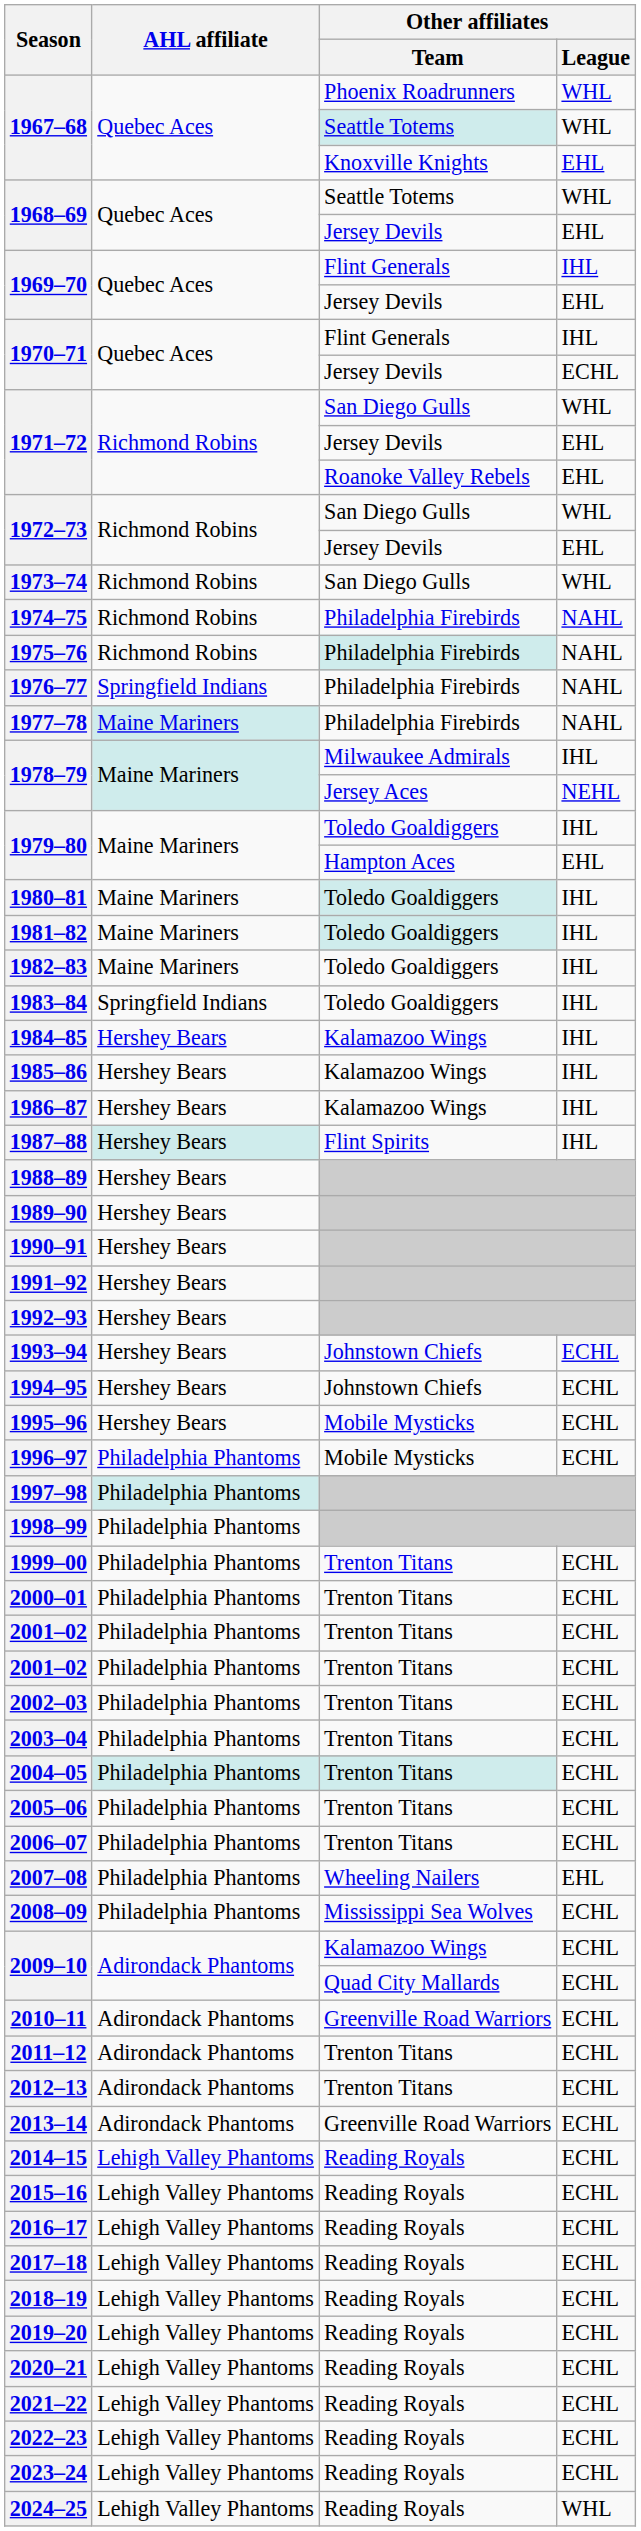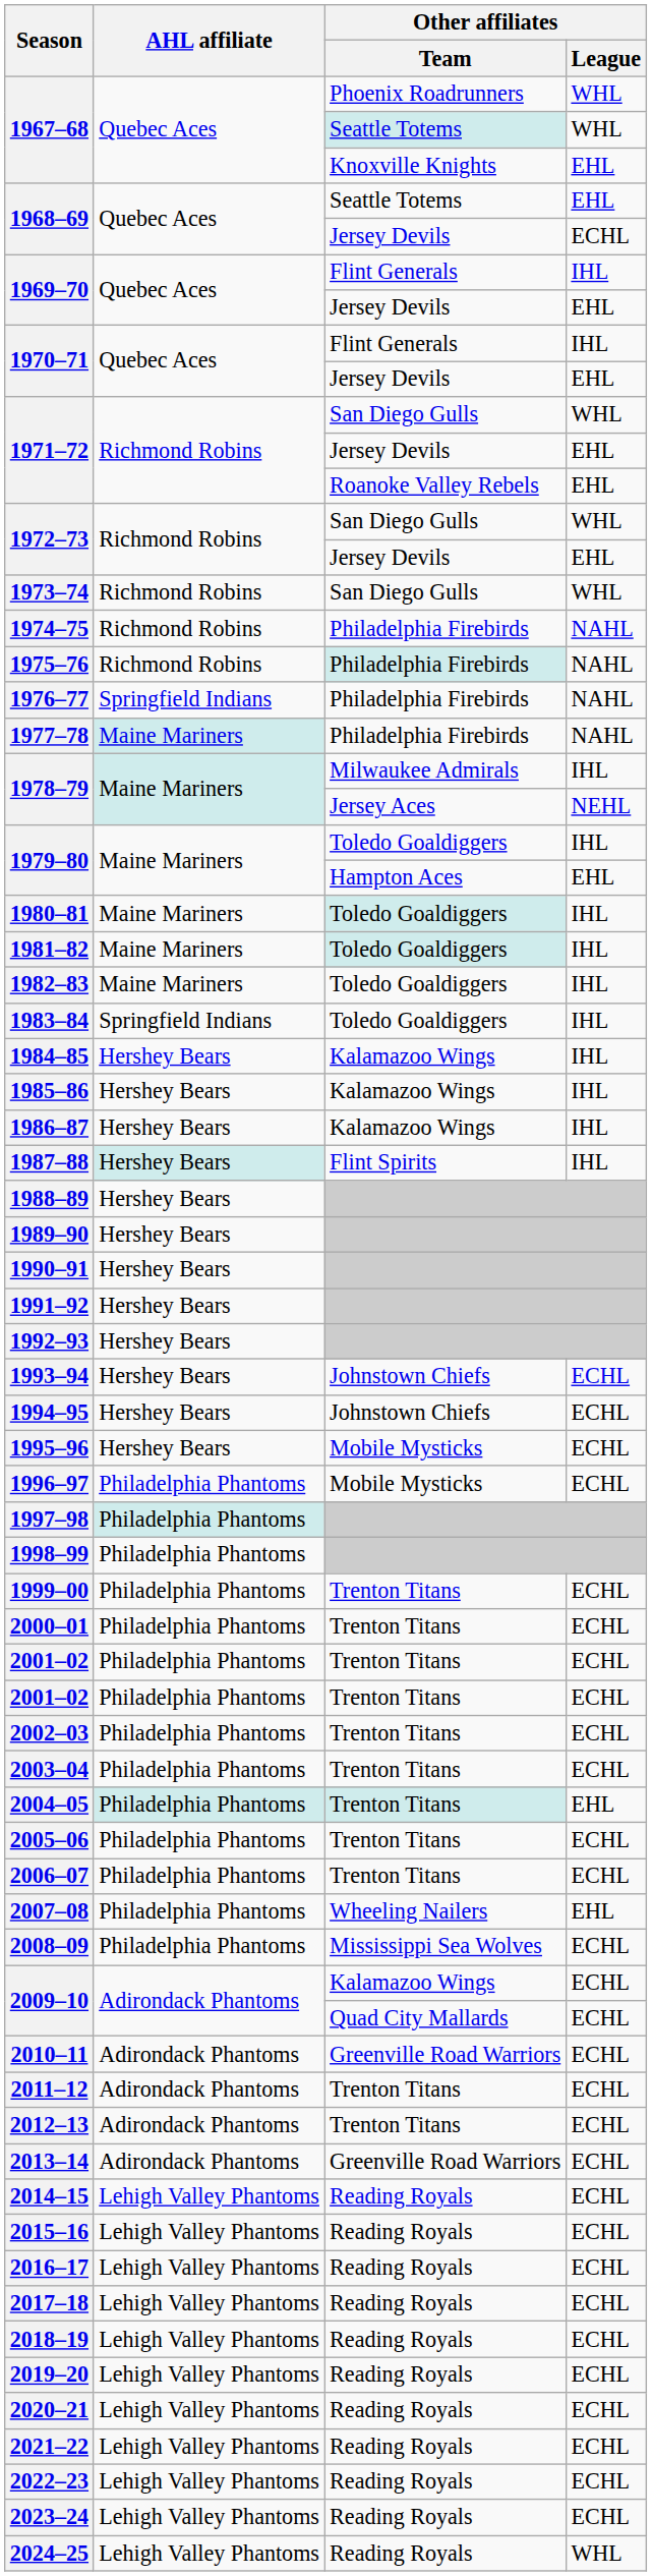 <table class="wikitable">
 <tr>
 <th rowspan="2">Season</th>
 <th rowspan="2"><a href='#'>AHL</a> affiliate</th>
 <th colspan="2">Other affiliates</th>
 </tr>
 <tr>
 <th>Team</th>
 <th>League</th>
 </tr>
 <tr>
 <th rowspan="3"><a href='#'>1967–68</a></th>
 <td rowspan="3"><a href='#'>Quebec Aces</a></td>
 <td><a href='#'>Phoenix Roadrunners</a></td>
 <td><a href='#'>WHL</a></td>
 </tr>
 <tr>
 <td bgcolor="#CFECEC"><a href='#'>Seattle Totems</a></td>
 <td>WHL</td>
 </tr>
 <tr>
 <td><a href='#'>Knoxville Knights</a></td>
 <td><a href='#'>EHL</a></td>
 </tr>
 <tr>
 <th rowspan="2"><a href='#'>1968–69</a></th>
 <td rowspan="2">Quebec Aces</td>
 <td>Seattle Totems</td>
-<td>WHL</td>
+<td><a href='#'>EHL</a></td>
 </tr>
 <tr>
 <td><a href='#'>Jersey Devils</a></td>
-<td>EHL</td>
+<td>ECHL</td>
 </tr>
 <tr>
 <th rowspan="2"><a href='#'>1969–70</a></th>
 <td rowspan="2">Quebec Aces</td>
 <td><a href='#'>Flint Generals</a></td>
 <td><a href='#'>IHL</a></td>
 </tr>
 <tr>
 <td>Jersey Devils</td>
 <td>EHL</td>
 </tr>
 <tr>
 <th rowspan="2"><a href='#'>1970–71</a></th>
 <td rowspan="2">Quebec Aces</td>
 <td>Flint Generals</td>
 <td>IHL</td>
 </tr>
 <tr>
 <td>Jersey Devils</td>
-<td>ECHL</td>
+<td>EHL</td>
 </tr>
 <tr>
 <th rowspan="3"><a href='#'>1971–72</a></th>
 <td rowspan="3"><a href='#'>Richmond Robins</a></td>
 <td><a href='#'>San Diego Gulls</a></td>
 <td>WHL</td>
 </tr>
 <tr>
 <td>Jersey Devils</td>
 <td>EHL</td>
 </tr>
 <tr>
 <td><a href='#'>Roanoke Valley Rebels</a></td>
 <td>EHL</td>
 </tr>
 <tr>
 <th rowspan="2"><a href='#'>1972–73</a></th>
 <td rowspan="2">Richmond Robins</td>
 <td>San Diego Gulls</td>
 <td>WHL</td>
 </tr>
 <tr>
 <td>Jersey Devils</td>
 <td>EHL</td>
 </tr>
 <tr>
 <th><a href='#'>1973–74</a></th>
 <td>Richmond Robins</td>
 <td>San Diego Gulls</td>
 <td>WHL</td>
 </tr>
 <tr>
 <th><a href='#'>1974–75</a></th>
 <td>Richmond Robins</td>
 <td><a href='#'>Philadelphia Firebirds</a></td>
 <td><a href='#'>NAHL</a></td>
 </tr>
 <tr>
 <th><a href='#'>1975–76</a></th>
 <td>Richmond Robins</td>
 <td bgcolor="#CFECEC">Philadelphia Firebirds</td>
 <td>NAHL</td>
 </tr>
 <tr>
 <th><a href='#'>1976–77</a></th>
 <td><a href='#'>Springfield Indians</a></td>
 <td>Philadelphia Firebirds</td>
 <td>NAHL</td>
 </tr>
 <tr>
 <th><a href='#'>1977–78</a></th>
 <td bgcolor="#CFECEC"><a href='#'>Maine Mariners</a></td>
 <td>Philadelphia Firebirds</td>
 <td>NAHL</td>
 </tr>
 <tr>
 <th rowspan="2"><a href='#'>1978–79</a></th>
 <td rowspan="2" bgcolor="#CFECEC">Maine Mariners</td>
 <td><a href='#'>Milwaukee Admirals</a></td>
 <td>IHL</td>
 </tr>
 <tr>
 <td><a href='#'>Jersey Aces</a></td>
 <td><a href='#'>NEHL</a></td>
 </tr>
 <tr>
 <th rowspan="2"><a href='#'>1979–80</a></th>
 <td rowspan="2">Maine Mariners</td>
 <td><a href='#'>Toledo Goaldiggers</a></td>
 <td>IHL</td>
 </tr>
 <tr>
 <td><a href='#'>Hampton Aces</a></td>
 <td>EHL</td>
 </tr>
 <tr>
 <th><a href='#'>1980–81</a></th>
 <td>Maine Mariners</td>
 <td bgcolor="#CFECEC">Toledo Goaldiggers</td>
 <td>IHL</td>
 </tr>
 <tr>
 <th><a href='#'>1981–82</a></th>
 <td>Maine Mariners</td>
 <td bgcolor="#CFECEC">Toledo Goaldiggers</td>
 <td>IHL</td>
 </tr>
 <tr>
 <th><a href='#'>1982–83</a></th>
 <td>Maine Mariners</td>
 <td>Toledo Goaldiggers</td>
 <td>IHL</td>
 </tr>
 <tr>
 <th><a href='#'>1983–84</a></th>
 <td>Springfield Indians</td>
 <td>Toledo Goaldiggers</td>
 <td>IHL</td>
 </tr>
 <tr>
 <th><a href='#'>1984–85</a></th>
 <td><a href='#'>Hershey Bears</a></td>
 <td><a href='#'>Kalamazoo Wings</a></td>
 <td>IHL</td>
 </tr>
 <tr>
 <th><a href='#'>1985–86</a></th>
 <td>Hershey Bears</td>
 <td>Kalamazoo Wings</td>
 <td>IHL</td>
 </tr>
 <tr>
 <th><a href='#'>1986–87</a></th>
 <td>Hershey Bears</td>
 <td>Kalamazoo Wings</td>
 <td>IHL</td>
 </tr>
 <tr>
 <th><a href='#'>1987–88</a></th>
 <td bgcolor="#CFECEC">Hershey Bears</td>
 <td><a href='#'>Flint Spirits</a></td>
 <td>IHL</td>
 </tr>
 <tr>
 <th><a href='#'>1988–89</a></th>
 <td>Hershey Bears</td>
 <td colspan="2" style="background:#ccc"></td>
 </tr>
 <tr>
 <th><a href='#'>1989–90</a></th>
 <td>Hershey Bears</td>
 <td colspan="2" style="background:#ccc"></td>
 </tr>
 <tr>
 <th><a href='#'>1990–91</a></th>
 <td>Hershey Bears</td>
 <td colspan="2" style="background:#ccc"></td>
 </tr>
 <tr>
 <th><a href='#'>1991–92</a></th>
 <td>Hershey Bears</td>
 <td colspan="2" style="background:#ccc"></td>
 </tr>
 <tr>
 <th><a href='#'>1992–93</a></th>
 <td>Hershey Bears</td>
 <td colspan="2" style="background:#ccc"></td>
 </tr>
 <tr>
 <th><a href='#'>1993–94</a></th>
 <td>Hershey Bears</td>
 <td><a href='#'>Johnstown Chiefs</a></td>
 <td><a href='#'>ECHL</a></td>
 </tr>
 <tr>
 <th><a href='#'>1994–95</a></th>
 <td>Hershey Bears</td>
 <td>Johnstown Chiefs</td>
 <td>ECHL</td>
 </tr>
 <tr>
 <th><a href='#'>1995–96</a></th>
 <td>Hershey Bears</td>
 <td><a href='#'>Mobile Mysticks</a></td>
 <td>ECHL</td>
 </tr>
 <tr>
 <th><a href='#'>1996–97</a></th>
 <td><a href='#'>Philadelphia Phantoms</a></td>
 <td>Mobile Mysticks</td>
 <td>ECHL</td>
 </tr>
 <tr>
 <th><a href='#'>1997–98</a></th>
 <td bgcolor="#CFECEC">Philadelphia Phantoms</td>
 <td colspan="2" style="background:#ccc"></td>
 </tr>
 <tr>
 <th><a href='#'>1998–99</a></th>
 <td>Philadelphia Phantoms</td>
 <td colspan="2" style="background:#ccc"></td>
 </tr>
 <tr>
 <th><a href='#'>1999–00</a></th>
 <td>Philadelphia Phantoms</td>
 <td><a href='#'>Trenton Titans</a></td>
 <td>ECHL</td>
 </tr>
 <tr>
 <th><a href='#'>2000–01</a></th>
 <td>Philadelphia Phantoms</td>
 <td>Trenton Titans</td>
 <td>ECHL</td>
 </tr>
 <tr>
 <th><a href='#'>2001–02</a></th>
 <td>Philadelphia Phantoms</td>
 <td>Trenton Titans</td>
 <td>ECHL</td>
 </tr>
 <tr>
 <th><a href='#'>2001–02</a></th>
 <td>Philadelphia Phantoms</td>
 <td>Trenton Titans</td>
 <td>ECHL</td>
 </tr>
 <tr>
 <th><a href='#'>2002–03</a></th>
 <td>Philadelphia Phantoms</td>
 <td>Trenton Titans</td>
 <td>ECHL</td>
 </tr>
 <tr>
 <th><a href='#'>2003–04</a></th>
 <td>Philadelphia Phantoms</td>
 <td>Trenton Titans</td>
 <td>ECHL</td>
 </tr>
 <tr>
 <th><a href='#'>2004–05</a></th>
 <td bgcolor="#CFECEC">Philadelphia Phantoms</td>
 <td bgcolor="#CFECEC">Trenton Titans</td>
-<td>ECHL</td>
+<td>EHL</td>
 </tr>
 <tr>
 <th><a href='#'>2005–06</a></th>
 <td>Philadelphia Phantoms</td>
 <td>Trenton Titans</td>
 <td>ECHL</td>
 </tr>
 <tr>
 <th><a href='#'>2006–07</a></th>
 <td>Philadelphia Phantoms</td>
 <td>Trenton Titans</td>
 <td>ECHL</td>
 </tr>
 <tr>
 <th><a href='#'>2007–08</a></th>
 <td>Philadelphia Phantoms</td>
 <td><a href='#'>Wheeling Nailers</a></td>
 <td>EHL</td>
 </tr>
 <tr>
 <th><a href='#'>2008–09</a></th>
 <td>Philadelphia Phantoms</td>
 <td><a href='#'>Mississippi Sea Wolves</a></td>
 <td>ECHL</td>
 </tr>
 <tr>
 <th rowspan="2"><a href='#'>2009–10</a></th>
 <td rowspan="2"><a href='#'>Adirondack Phantoms</a></td>
 <td><a href='#'>Kalamazoo Wings</a></td>
 <td>ECHL</td>
 </tr>
 <tr>
 <td><a href='#'>Quad City Mallards</a></td>
 <td>ECHL</td>
 </tr>
 <tr>
 <th><a href='#'>2010–11</a></th>
 <td>Adirondack Phantoms</td>
 <td><a href='#'>Greenville Road Warriors</a></td>
 <td>ECHL</td>
 </tr>
 <tr>
 <th><a href='#'>2011–12</a></th>
 <td>Adirondack Phantoms</td>
 <td>Trenton Titans</td>
 <td>ECHL</td>
 </tr>
 <tr>
 <th><a href='#'>2012–13</a></th>
 <td>Adirondack Phantoms</td>
 <td>Trenton Titans</td>
 <td>ECHL</td>
 </tr>
 <tr>
 <th><a href='#'>2013–14</a></th>
 <td>Adirondack Phantoms</td>
 <td>Greenville Road Warriors</td>
 <td>ECHL</td>
 </tr>
 <tr>
 <th><a href='#'>2014–15</a></th>
 <td><a href='#'>Lehigh Valley Phantoms</a></td>
 <td><a href='#'>Reading Royals</a></td>
 <td>ECHL</td>
 </tr>
 <tr>
 <th><a href='#'>2015–16</a></th>
 <td>Lehigh Valley Phantoms</td>
 <td>Reading Royals</td>
 <td>ECHL</td>
 </tr>
 <tr>
 <th><a href='#'>2016–17</a></th>
 <td>Lehigh Valley Phantoms</td>
 <td>Reading Royals</td>
 <td>ECHL</td>
 </tr>
 <tr>
 <th><a href='#'>2017–18</a></th>
 <td>Lehigh Valley Phantoms</td>
 <td>Reading Royals</td>
 <td>ECHL</td>
 </tr>
 <tr>
 <th><a href='#'>2018–19</a></th>
 <td>Lehigh Valley Phantoms</td>
 <td>Reading Royals</td>
 <td>ECHL</td>
 </tr>
 <tr>
 <th><a href='#'>2019–20</a></th>
 <td>Lehigh Valley Phantoms</td>
 <td>Reading Royals</td>
 <td>ECHL</td>
 </tr>
 <tr>
 <th><a href='#'>2020–21</a></th>
 <td>Lehigh Valley Phantoms</td>
 <td>Reading Royals</td>
 <td>ECHL</td>
 </tr>
 <tr>
 <th><a href='#'>2021–22</a></th>
 <td>Lehigh Valley Phantoms</td>
 <td>Reading Royals</td>
 <td>ECHL</td>
 </tr>
 <tr>
 <th><a href='#'>2022–23</a></th>
 <td>Lehigh Valley Phantoms</td>
 <td>Reading Royals</td>
 <td>ECHL</td>
 </tr>
 <tr>
 <th><a href='#'>2023–24</a></th>
 <td>Lehigh Valley Phantoms</td>
 <td>Reading Royals</td>
 <td>ECHL</td>
 </tr>
 <tr>
 <th><a href='#'>2024–25</a></th>
 <td>Lehigh Valley Phantoms</td>
 <td>Reading Royals</td>
 <td>WHL</td>
 </tr>
 </table>
